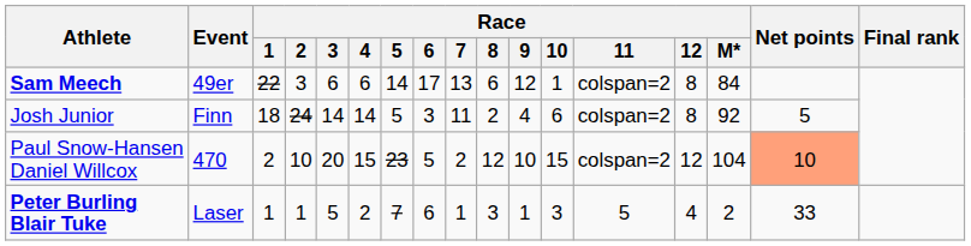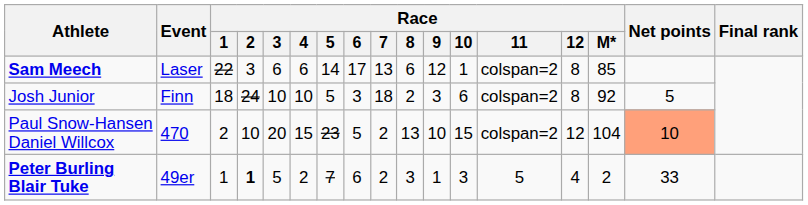 <table class="wikitable" style="font-size:90%">
 <tr>
 <th rowspan="2">Athlete</th>
 <th rowspan="2">Event</th>
 <th colspan=13>Race</th>
 <th rowspan=2>Net points</th>
 <th rowspan=2>Final rank</th>
 </tr>
 <tr style="font-size:95%">
 <th>1</th>
 <th>2</th>
 <th>3</th>
 <th>4</th>
 <th>5</th>
 <th>6</th>
 <th>7</th>
 <th>8</th>
 <th>9</th>
 <th>10</th>
 <th>11</th>
 <th>12</th>
 <th>M*</th>
 </tr>
 <tr align=center>
 <td align=left><strong><a href='#'>Sam Meech</a></strong></td>
-<td align=left><a href='#'>49er</a></td>
+<td align=left><a href='#'>Laser</a></td>
 <td><s>22</s></td>
 <td>3</td>
 <td>6</td>
 <td>6</td>
 <td>14</td>
 <td>17</td>
 <td>13</td>
 <td>6</td>
 <td>12</td>
 <td>1</td>
 <td>colspan=2 </td>
 <td>8</td>
-<td>84</td>
+<td>85</td>
 <td></td>
 </tr>
 <tr align=center>
 <td align=left><a href='#'>Josh Junior</a></td>
 <td align=left><a href='#'>Finn</a></td>
 <td>18</td>
 <td><s>24</s></td>
-<td>14</td>
-<td>14</td>
+<td>10</td>
+<td>10</td>
 <td>5</td>
 <td>3</td>
-<td>11</td>
+<td>18</td>
 <td>2</td>
-<td>4</td>
+<td>3</td>
 <td>6</td>
 <td>colspan=2 </td>
 <td>8</td>
 <td>92</td>
 <td>5</td>
 </tr>
 <tr align=center>
 <td align=left><a href='#'>Paul Snow-Hansen</a><br><a href='#'>Daniel Willcox</a></td>
 <td align=left><a href='#'>470</a></td>
 <td>2</td>
 <td>10</td>
 <td>20</td>
 <td>15</td>
 <td><s>23</s></td>
 <td>5</td>
 <td>2</td>
-<td>12</td>
+<td>13</td>
 <td>10</td>
 <td>15</td>
 <td>colspan=2 </td>
 <td>12</td>
 <td>104</td>
 <td style="background: lightsalmon;">10</td>
 </tr>
 <tr align=center>
 <td align=left><strong><a href='#'>Peter Burling</a></strong><br><strong><a href='#'>Blair Tuke</a></strong></td>
-<td align=left><a href='#'>Laser</a></td>
+<td align=left><a href='#'>49er</a></td>
 <td>1</td>
-<td>1</td>
+<td><strong>1</strong></td>
 <td>5</td>
 <td>2</td>
 <td><s>7</s></td>
 <td>6</td>
-<td>1</td>
+<td>2</td>
 <td>3</td>
 <td>1</td>
 <td>3</td>
 <td>5</td>
 <td>4</td>
 <td>2</td>
 <td>33</td>
 <td></td>
 </tr>
 </table>
